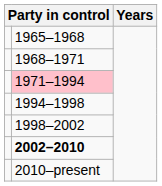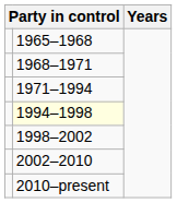 <table class="wikitable">
 <tr>
 <th colspan=2>Party in control</th>
 <th>Years</th>
 </tr>
 <tr>
 <td></td>
 <td>1965–1968</td>
 </tr>
 <tr>
 <td></td>
 <td>1968–1971</td>
 </tr>
 <tr>
 <td></td>
-<td style="background: pink;">1971–1994</td>
+<td>1971–1994</td>
 </tr>
 <tr>
 <td></td>
-<td>1994–1998</td>
+<td style="background: lightyellow;">1994–1998</td>
 </tr>
 <tr>
 <td></td>
 <td>1998–2002</td>
 </tr>
 <tr>
 <td></td>
-<td><strong>2002–2010</strong></td>
+<td>2002–2010</td>
 </tr>
 <tr>
 <td></td>
 <td>2010–present</td>
 </tr>
 </table>
